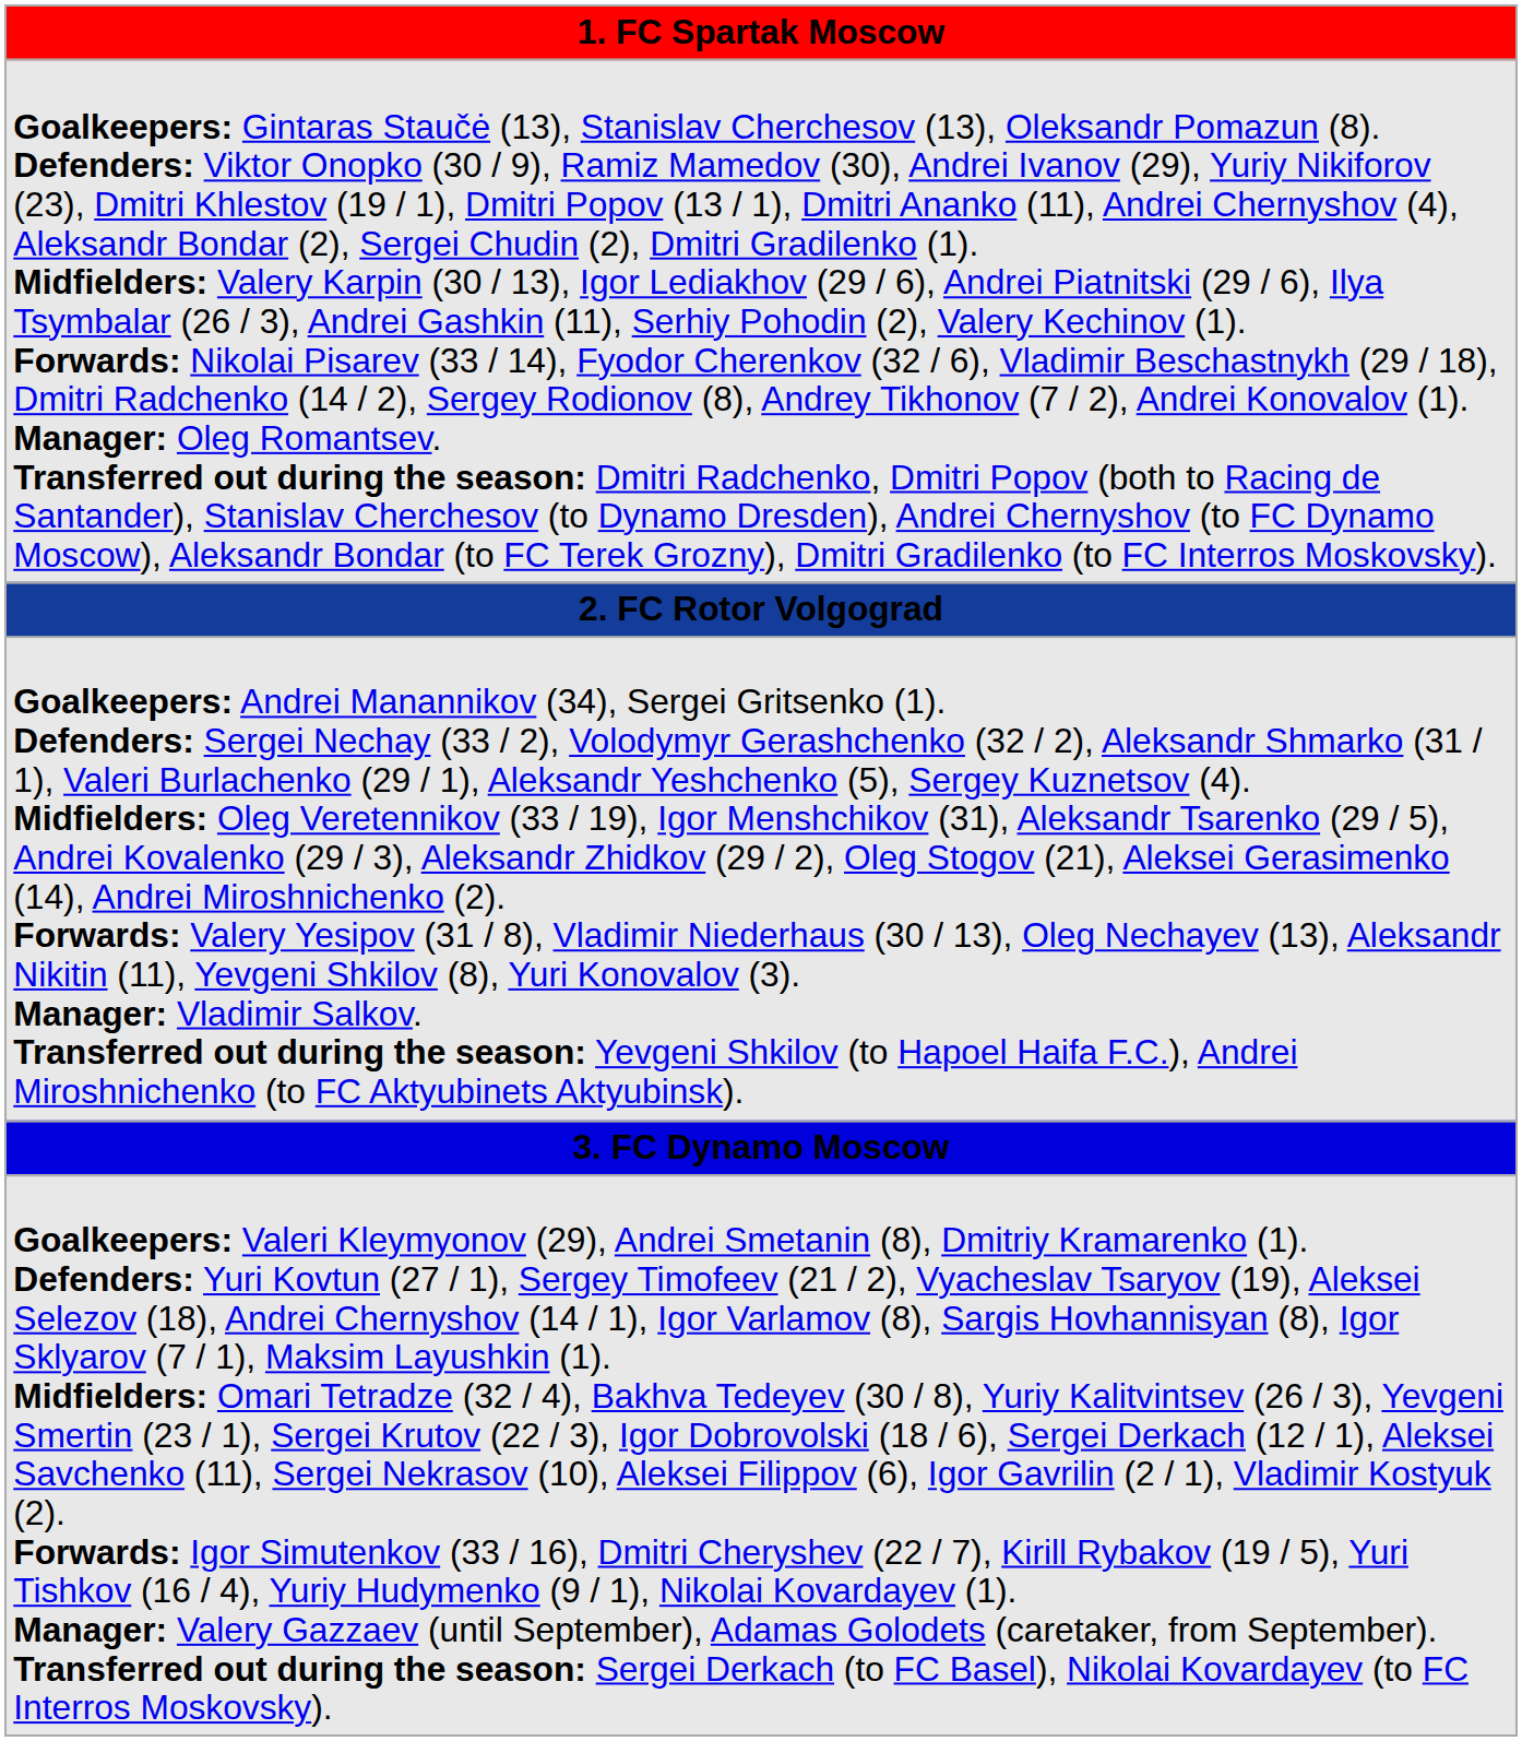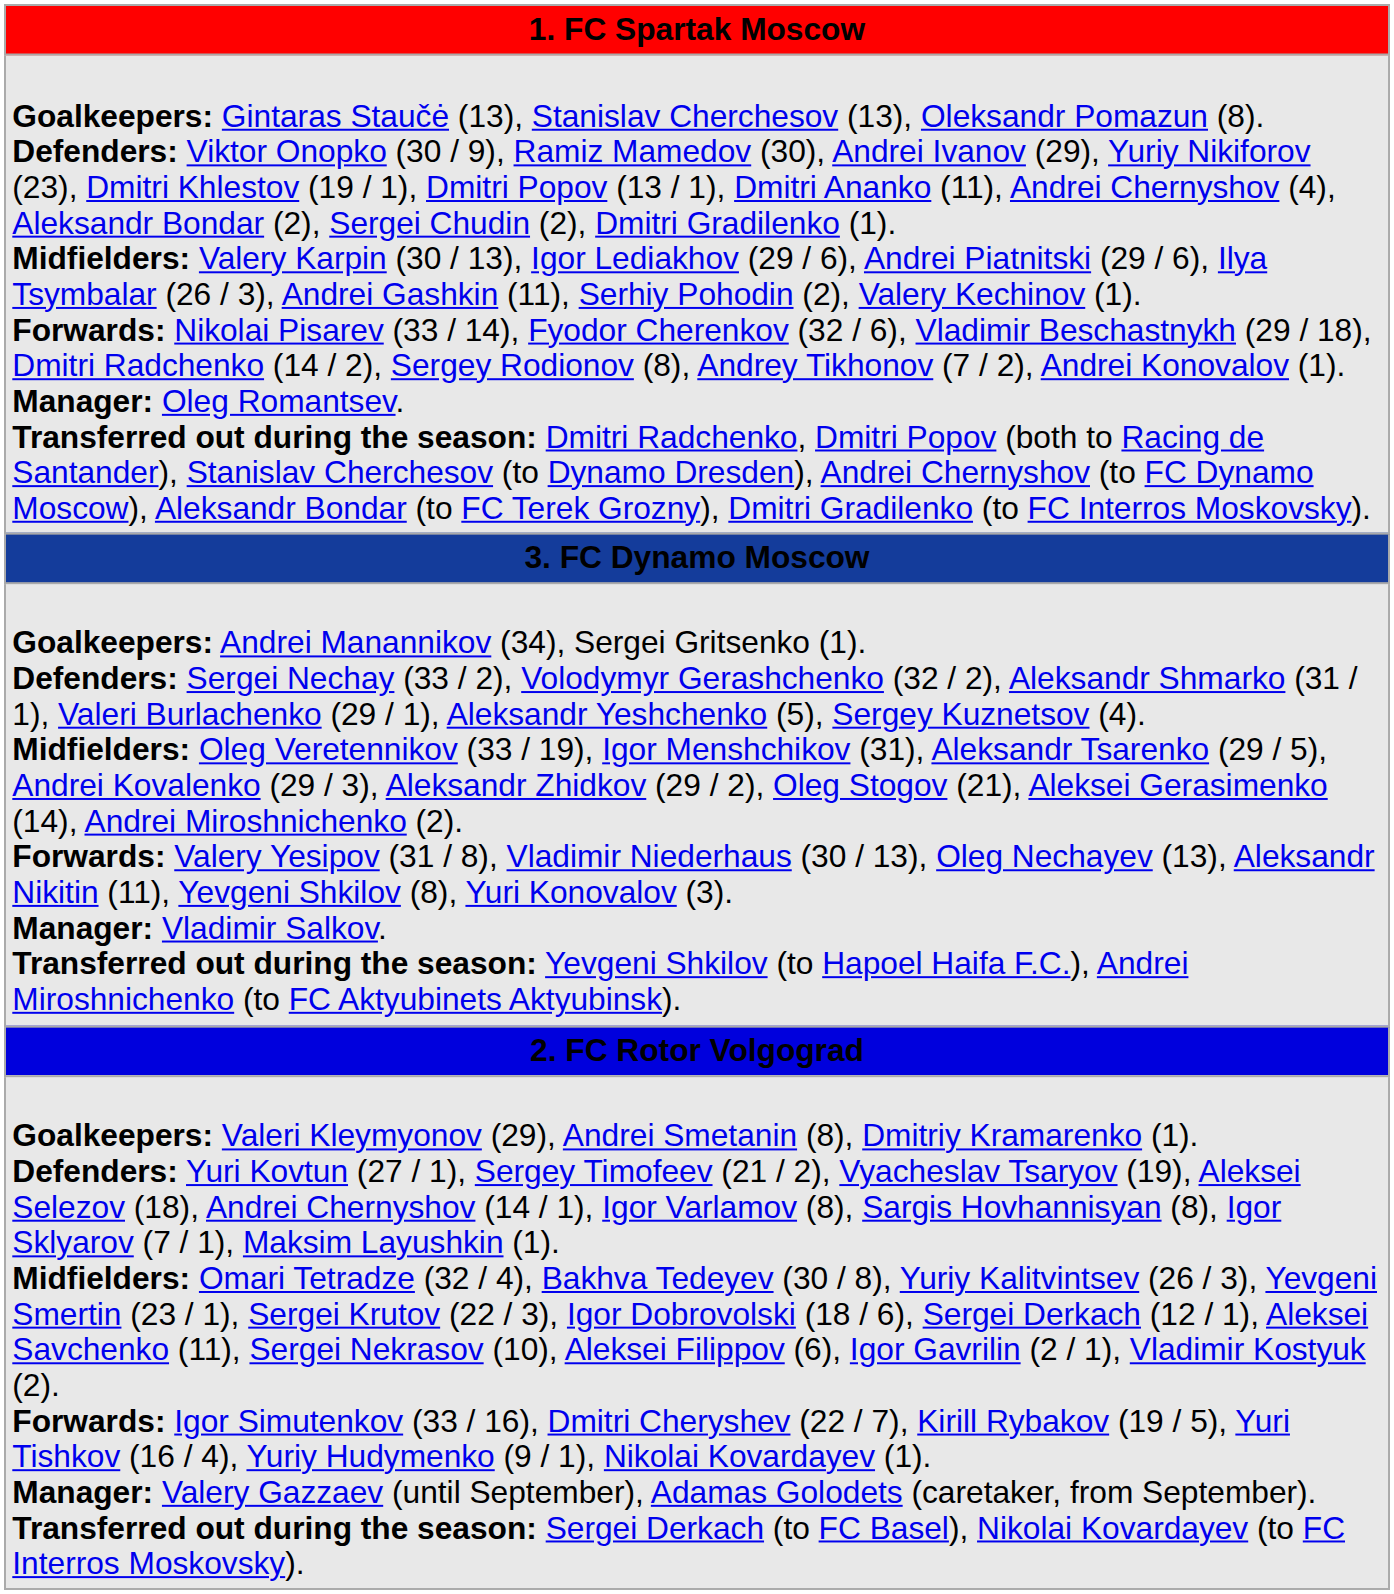 <table class="wikitable" Width="700">
 <tr bgcolor="#FF0000">
 <td align="center" width="700"><span> <strong>1. FC Spartak Moscow</strong> </span></td>
 </tr>
 <tr bgcolor="#E8E8E8">
 <td align="left" width="700"><br><strong>Goalkeepers:</strong> <a href='#'>Gintaras Staučė</a>  (13), <a href='#'>Stanislav Cherchesov</a> (13), <a href='#'>Oleksandr Pomazun</a>  (8).<br> <strong>Defenders:</strong> <a href='#'>Viktor Onopko</a> (30 / 9), <a href='#'>Ramiz Mamedov</a> (30), <a href='#'>Andrei Ivanov</a> (29), <a href='#'>Yuriy Nikiforov</a> (23), <a href='#'>Dmitri Khlestov</a> (19 / 1), <a href='#'>Dmitri Popov</a> (13 / 1), <a href='#'>Dmitri Ananko</a> (11), <a href='#'>Andrei Chernyshov</a> (4), <a href='#'>Aleksandr Bondar</a> (2), <a href='#'>Sergei Chudin</a> (2), <a href='#'>Dmitri Gradilenko</a> (1).<br> <strong>Midfielders:</strong> <a href='#'>Valery Karpin</a> (30 / 13), <a href='#'>Igor Lediakhov</a> (29 / 6), <a href='#'>Andrei Piatnitski</a> (29 / 6), <a href='#'>Ilya Tsymbalar</a> (26 / 3), <a href='#'>Andrei Gashkin</a> (11), <a href='#'>Serhiy Pohodin</a>  (2), <a href='#'>Valery Kechinov</a> (1).<br> <strong>Forwards:</strong> <a href='#'>Nikolai Pisarev</a> (33 / 14), <a href='#'>Fyodor Cherenkov</a> (32 / 6), <a href='#'>Vladimir Beschastnykh</a> (29 / 18), <a href='#'>Dmitri Radchenko</a> (14 / 2), <a href='#'>Sergey Rodionov</a> (8), <a href='#'>Andrey Tikhonov</a> (7 / 2), <a href='#'>Andrei Konovalov</a> (1).<br><strong>Manager:</strong> <a href='#'>Oleg Romantsev</a>.<br><strong>Transferred out during the season:</strong> <a href='#'>Dmitri Radchenko</a>, <a href='#'>Dmitri Popov</a> (both to  <a href='#'>Racing de Santander</a>), <a href='#'>Stanislav Cherchesov</a> (to  <a href='#'>Dynamo Dresden</a>), <a href='#'>Andrei Chernyshov</a> (to <a href='#'>FC Dynamo Moscow</a>), <a href='#'>Aleksandr Bondar</a> (to <a href='#'>FC Terek Grozny</a>), <a href='#'>Dmitri Gradilenko</a> (to <a href='#'>FC Interros Moskovsky</a>).</td>
 </tr>
 <tr bgcolor="#143c9b">
-<td align="center" width="700"><span> <strong>2. FC Rotor Volgograd</strong> </span></td>
+<td align="center" width="700"><span> <strong>3. FC Dynamo Moscow</strong> </span></td>
 </tr>
 <tr bgcolor="#E8E8E8">
 <td align="left" width="700"><br><strong>Goalkeepers:</strong> <a href='#'>Andrei Manannikov</a>  (34), Sergei Gritsenko (1).<br> <strong>Defenders:</strong> <a href='#'>Sergei Nechay</a> (33 / 2), <a href='#'>Volodymyr Gerashchenko</a>  (32 / 2), <a href='#'>Aleksandr Shmarko</a> (31 / 1), <a href='#'>Valeri Burlachenko</a> (29 / 1), <a href='#'>Aleksandr Yeshchenko</a> (5), <a href='#'>Sergey Kuznetsov</a> (4).<br> <strong>Midfielders:</strong> <a href='#'>Oleg Veretennikov</a> (33 / 19), <a href='#'>Igor Menshchikov</a> (31), <a href='#'>Aleksandr Tsarenko</a> (29 / 5), <a href='#'>Andrei Kovalenko</a>  (29 / 3), <a href='#'>Aleksandr Zhidkov</a> (29 / 2), <a href='#'>Oleg Stogov</a> (21), <a href='#'>Aleksei Gerasimenko</a> (14), <a href='#'>Andrei Miroshnichenko</a>  (2).<br> <strong>Forwards:</strong> <a href='#'>Valery Yesipov</a> (31 / 8), <a href='#'>Vladimir Niederhaus</a>  (30 / 13), <a href='#'>Oleg Nechayev</a> (13), <a href='#'>Aleksandr Nikitin</a> (11), <a href='#'>Yevgeni Shkilov</a> (8), <a href='#'>Yuri Konovalov</a> (3).<br><strong>Manager:</strong> <a href='#'>Vladimir Salkov</a>.<br><strong>Transferred out during the season:</strong> <a href='#'>Yevgeni Shkilov</a> (to  <a href='#'>Hapoel Haifa F.C.</a>), <a href='#'>Andrei Miroshnichenko</a>  (to  <a href='#'>FC Aktyubinets Aktyubinsk</a>).</td>
 </tr>
 <tr bgcolor="#0000DD">
-<td align="center" width="700"><span> <strong>3. FC Dynamo Moscow</strong> </span></td>
+<td align="center" width="700"><span> <strong>2. FC Rotor Volgograd</strong> </span></td>
 </tr>
 <tr bgcolor="#E8E8E8">
 <td align="left" width="700"><br><strong>Goalkeepers:</strong> <a href='#'>Valeri Kleymyonov</a> (29), <a href='#'>Andrei Smetanin</a> (8), <a href='#'>Dmitriy Kramarenko</a>  (1).<br> <strong>Defenders:</strong> <a href='#'>Yuri Kovtun</a> (27 / 1), <a href='#'>Sergey Timofeev</a>  (21 / 2), <a href='#'>Vyacheslav Tsaryov</a> (19), <a href='#'>Aleksei Selezov</a> (18), <a href='#'>Andrei Chernyshov</a> (14 / 1), <a href='#'>Igor Varlamov</a> (8), <a href='#'>Sargis Hovhannisyan</a>  (8), <a href='#'>Igor Sklyarov</a> (7 / 1), <a href='#'>Maksim Layushkin</a> (1).<br> <strong>Midfielders:</strong> <a href='#'>Omari Tetradze</a> (32 / 4), <a href='#'>Bakhva Tedeyev</a> (30 / 8), <a href='#'>Yuriy Kalitvintsev</a> (26 / 3), <a href='#'>Yevgeni Smertin</a> (23 / 1), <a href='#'>Sergei Krutov</a> (22 / 3), <a href='#'>Igor Dobrovolski</a> (18 / 6), <a href='#'>Sergei Derkach</a> (12 / 1), <a href='#'>Aleksei Savchenko</a> (11), <a href='#'>Sergei Nekrasov</a> (10), <a href='#'>Aleksei Filippov</a> (6), <a href='#'>Igor Gavrilin</a> (2 / 1), <a href='#'>Vladimir Kostyuk</a>  (2).<br> <strong>Forwards:</strong> <a href='#'>Igor Simutenkov</a> (33 / 16), <a href='#'>Dmitri Cheryshev</a> (22 / 7), <a href='#'>Kirill Rybakov</a> (19 / 5), <a href='#'>Yuri Tishkov</a> (16 / 4), <a href='#'>Yuriy Hudymenko</a>  (9 / 1), <a href='#'>Nikolai Kovardayev</a> (1).<br><strong>Manager:</strong> <a href='#'>Valery Gazzaev</a> (until September), <a href='#'>Adamas Golodets</a> (caretaker, from September).<br><strong>Transferred out during the season:</strong> <a href='#'>Sergei Derkach</a> (to  <a href='#'>FC Basel</a>), <a href='#'>Nikolai Kovardayev</a> (to <a href='#'>FC Interros Moskovsky</a>).</td>
 </tr>
 </table>
